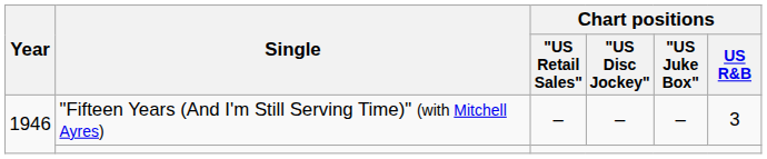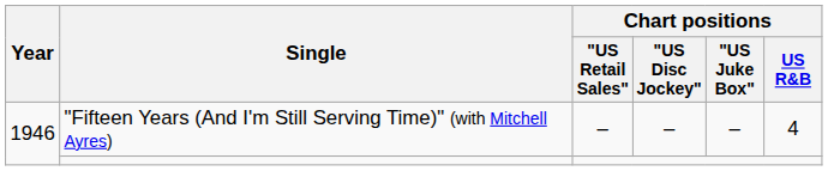 <table class="wikitable" style="text-align:center;">
 <tr>
 <th rowspan="2">Year</th>
 <th style="width:400px;" rowspan="2">Single</th>
 <th colspan="5">Chart positions</th>
 </tr>
 <tr style="font-size:smaller;">
 <th style="width:40px;">"US Retail Sales"</th>
 <th style="width:40px;">"US Disc Jockey"</th>
 <th style="width:40px;">"US Juke Box"</th>
 <th style="width:40px;"><a href='#'>US<br>R&B</a></th>
 </tr>
 <tr>
 <td rowspan="2">1946</td>
 <td style="text-align:left;">"Fifteen Years (And I'm Still Serving Time)" <small>(with <a href='#'>Mitchell Ayres</a>)</small></td>
 <td>–</td>
 <td>–</td>
 <td>–</td>
-<td>3</td>
+<td>4</td>
 </tr>
 <tr>
 <td></td>
 </tr>
 </table>
